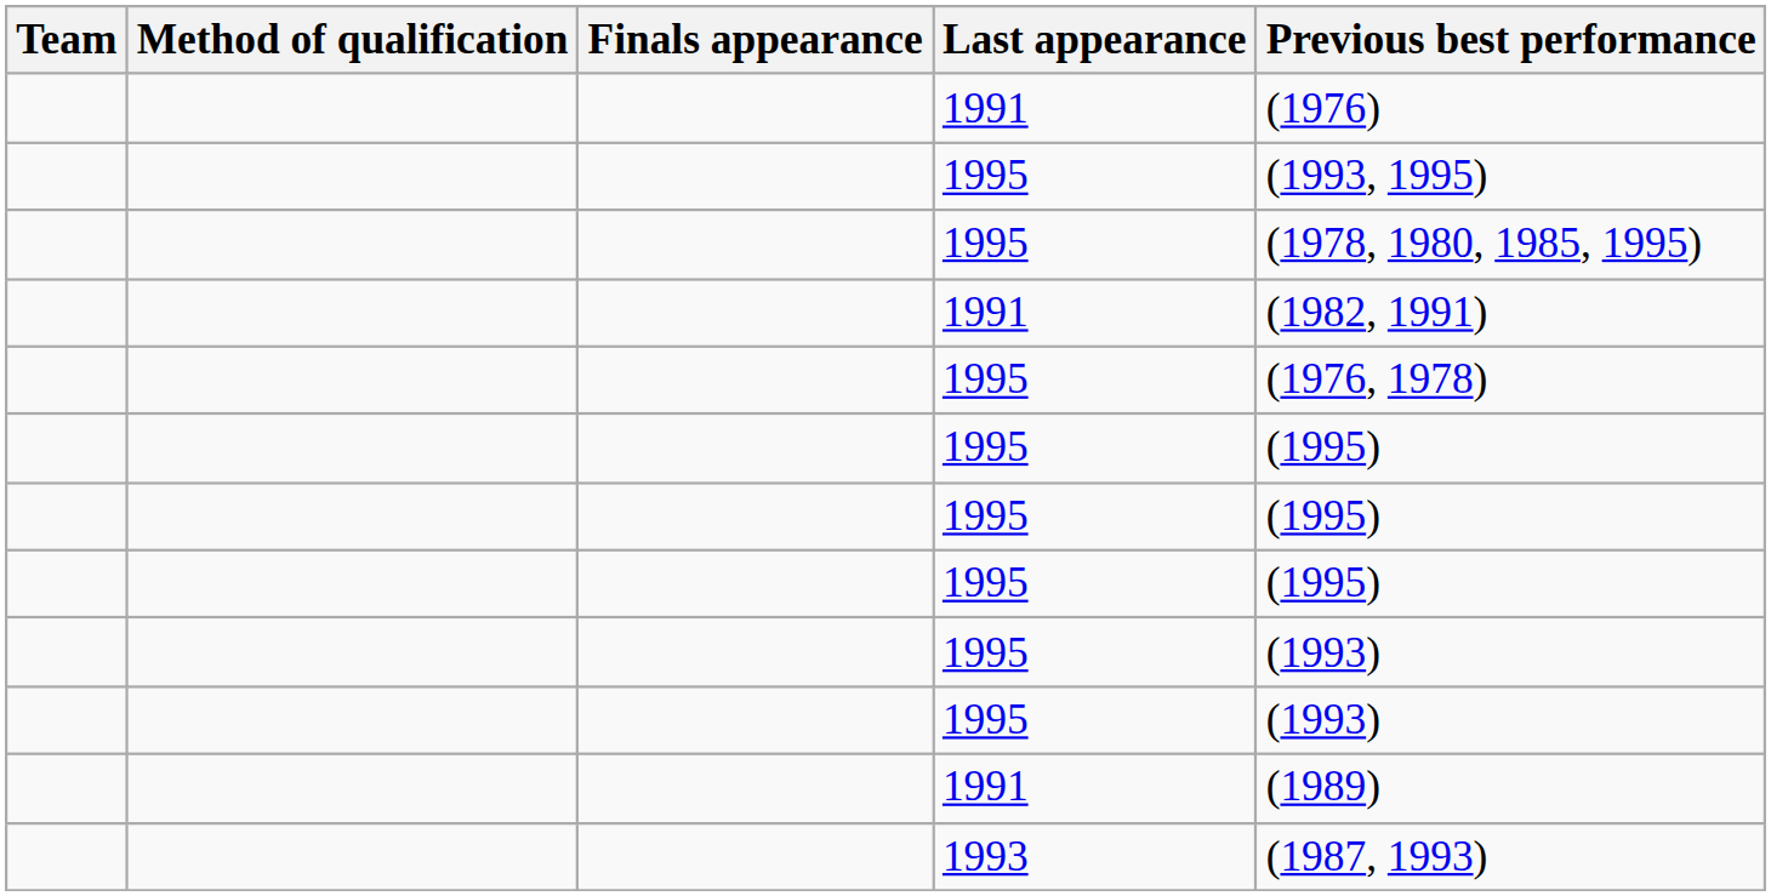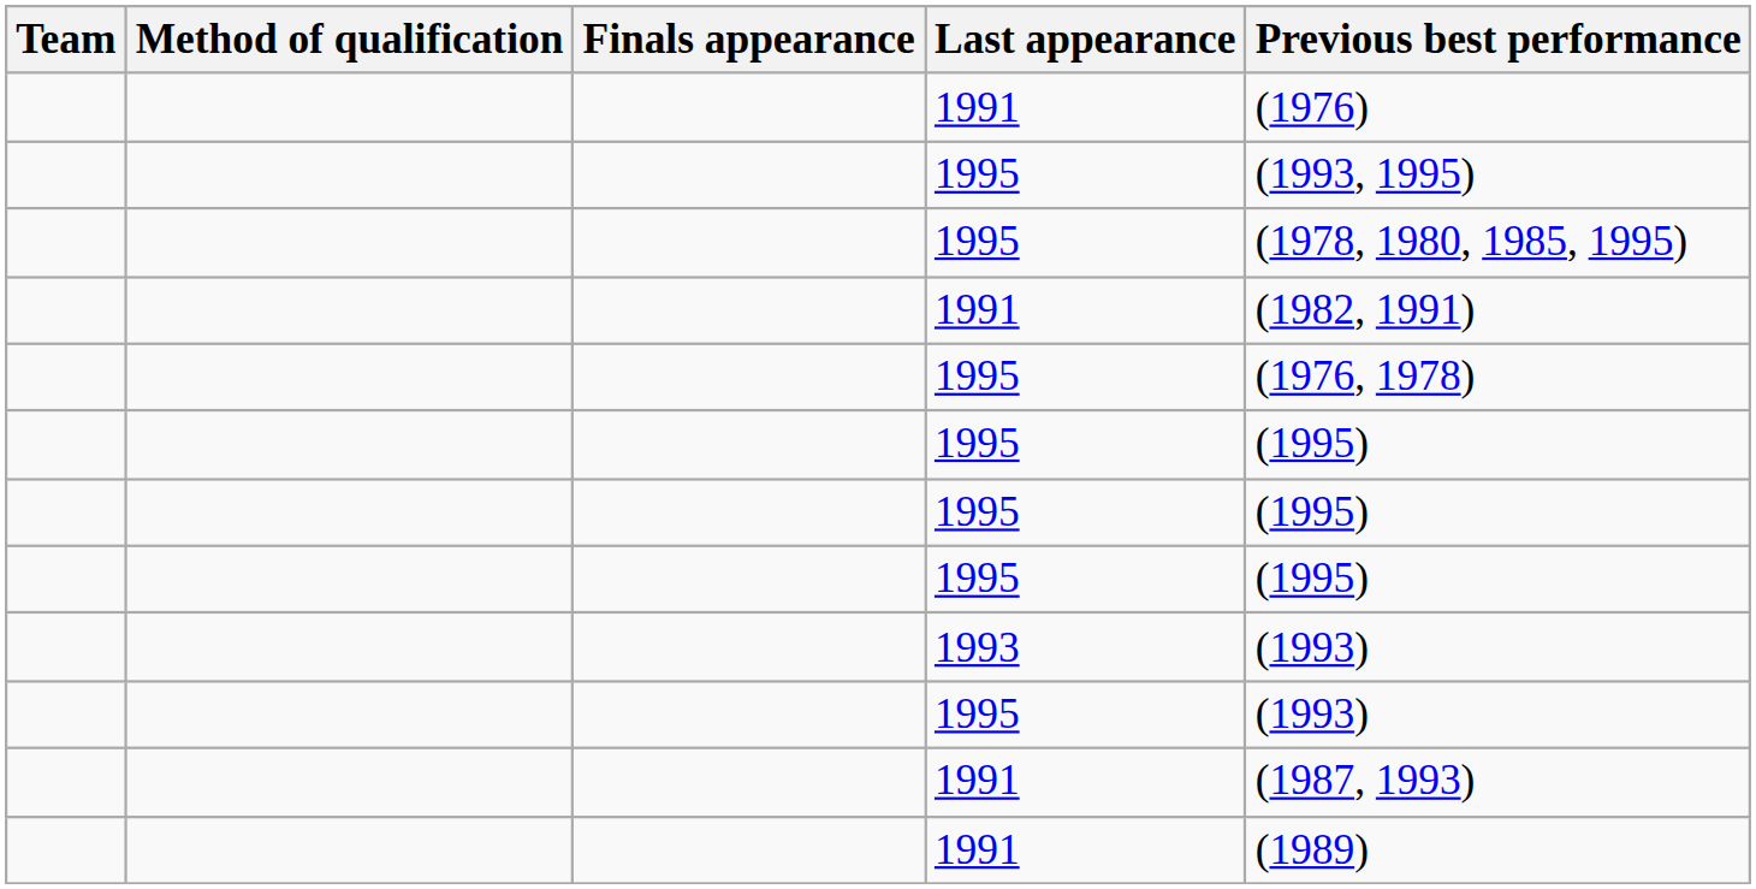 <table class="wikitable sortable">
 <tr>
 <th>Team</th>
 <th>Method of qualification</th>
 <th>Finals appearance</th>
 <th>Last appearance</th>
 <th>Previous best performance</th>
 </tr>
 <tr>
 <td></td>
 <td></td>
 <td></td>
 <td><a href='#'>1991</a></td>
 <td> (<a href='#'>1976</a>)</td>
 </tr>
 <tr>
 <td></td>
 <td></td>
 <td></td>
 <td><a href='#'>1995</a></td>
 <td> (<a href='#'>1993</a>, <a href='#'>1995</a>)</td>
 </tr>
 <tr>
 <td></td>
 <td></td>
 <td></td>
 <td><a href='#'>1995</a></td>
 <td> (<a href='#'>1978</a>, <a href='#'>1980</a>, <a href='#'>1985</a>, <a href='#'>1995</a>)</td>
 </tr>
 <tr>
 <td></td>
 <td></td>
 <td></td>
 <td><a href='#'>1991</a></td>
 <td> (<a href='#'>1982</a>, <a href='#'>1991</a>)</td>
 </tr>
 <tr>
 <td></td>
 <td></td>
 <td></td>
 <td><a href='#'>1995</a></td>
 <td> (<a href='#'>1976</a>, <a href='#'>1978</a>)</td>
 </tr>
 <tr>
 <td></td>
 <td></td>
 <td></td>
 <td><a href='#'>1995</a></td>
 <td> (<a href='#'>1995</a>)</td>
 </tr>
 <tr>
 <td></td>
 <td></td>
 <td></td>
 <td><a href='#'>1995</a></td>
 <td> (<a href='#'>1995</a>)</td>
 </tr>
 <tr>
 <td></td>
 <td></td>
 <td></td>
 <td><a href='#'>1995</a></td>
 <td> (<a href='#'>1995</a>)</td>
 </tr>
 <tr>
 <td></td>
 <td></td>
 <td></td>
-<td><a href='#'>1995</a></td>
+<td><a href='#'>1993</a></td>
 <td> (<a href='#'>1993</a>)</td>
 </tr>
 <tr>
 <td></td>
 <td></td>
 <td></td>
 <td><a href='#'>1995</a></td>
 <td> (<a href='#'>1993</a>)</td>
 </tr>
 <tr>
 <td></td>
 <td></td>
 <td></td>
 <td><a href='#'>1991</a></td>
-<td> (<a href='#'>1989</a>)</td>
+<td> (<a href='#'>1987</a>, <a href='#'>1993</a>)</td>
 </tr>
 <tr>
 <td></td>
 <td></td>
 <td></td>
-<td><a href='#'>1993</a></td>
-<td> (<a href='#'>1987</a>, <a href='#'>1993</a>)</td>
+<td><a href='#'>1991</a></td>
+<td> (<a href='#'>1989</a>)</td>
 </tr>
 </table>
